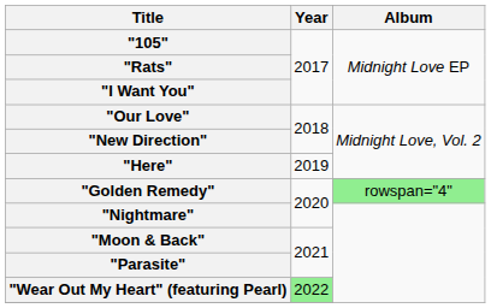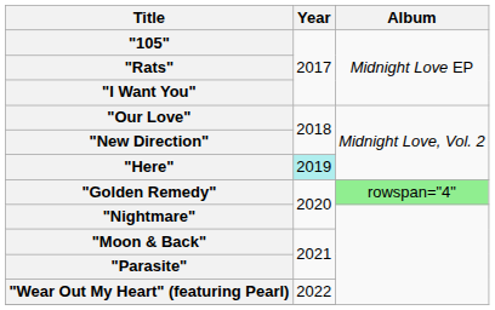 <table class="wikitable plainrowheaders" style="text-align:center">
 <tr>
 <th>Title</th>
 <th>Year</th>
 <th>Album</th>
 </tr>
 <tr>
 <th scope="row">"105"</th>
 <td rowspan="3">2017</td>
 <td rowspan="3"><em>Midnight Love</em> EP</td>
 </tr>
 <tr>
 <th scope="row">"Rats"</th>
 </tr>
 <tr>
 <th scope="row">"I Want You"</th>
 </tr>
 <tr>
 <th scope="row">"Our Love"</th>
 <td rowspan="2">2018</td>
 <td rowspan="3"><em>Midnight Love, Vol. 2</em></td>
 </tr>
 <tr>
 <th scope="row">"New Direction"</th>
 </tr>
 <tr>
 <th scope="row">"Here"</th>
-<td>2019</td>
+<td style="background: paleturquoise;">2019</td>
 </tr>
 <tr>
 <th scope="row">"Golden Remedy" <br></th>
 <td rowspan="2">2020</td>
 <td style="background: lightgreen;">rowspan="4" </td>
 </tr>
 <tr>
 <th scope="row">"Nightmare"</th>
 </tr>
 <tr>
 <th scope="row">"Moon & Back"</th>
 <td rowspan="2">2021</td>
 </tr>
 <tr>
 <th scope="row">"Parasite"</th>
 </tr>
 <tr>
 <th scope="row">"Wear Out My Heart" (featuring Pearl)</th>
-<td style="background: lightgreen;">2022</td>
+<td>2022</td>
 </tr>
 <tr>
 </tr>
 </table>
